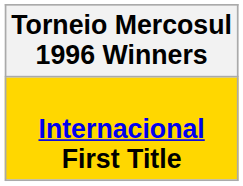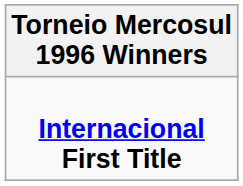 <table class="wikitable" style="text-align: center; margin: 0 auto;">
 <tr>
 <th>Torneio Mercosul<br>1996 Winners</th>
 </tr>
 <tr>
-<td style="background: gold;"><br><strong><a href='#'>Internacional</a></strong><br><strong>First Title</strong></td>
+<td><br><strong><a href='#'>Internacional</a></strong><br><strong>First Title</strong></td>
 </tr>
 </table>
